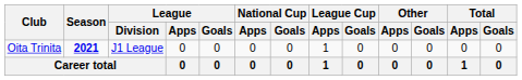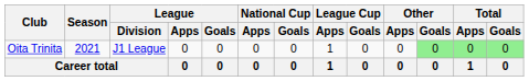 <table class="wikitable" style="text-align: center">
 <tr>
 <th rowspan="2">Club</th>
 <th rowspan="2">Season</th>
 <th colspan="3">League</th>
 <th colspan="2">National Cup</th>
 <th colspan="2">League Cup</th>
 <th colspan="2">Other</th>
 <th colspan="2">Total</th>
 </tr>
 <tr>
 <th>Division</th>
 <th>Apps</th>
 <th>Goals</th>
 <th>Apps</th>
 <th>Goals</th>
 <th>Apps</th>
 <th>Goals</th>
 <th>Apps</th>
 <th>Goals</th>
 <th>Apps</th>
 <th>Goals</th>
 </tr>
 <tr>
 <td><a href='#'>Oita Trinita</a></td>
-<td><strong><a href='#'>2021</a></strong></td>
+<td><a href='#'>2021</a></td>
 <td><a href='#'>J1 League</a></td>
 <td>0</td>
 <td>0</td>
 <td>0</td>
 <td>0</td>
 <td>1</td>
 <td>0</td>
 <td>0</td>
-<td>0</td>
-<td>0</td>
-<td>0</td>
+<td style="background: lightgreen;">0</td>
+<td style="background: lightgreen;">0</td>
+<td style="background: lightgreen;">0</td>
 </tr>
 <tr>
 <th colspan=3>Career total</th>
 <th>0</th>
 <th>0</th>
 <th>0</th>
 <th>0</th>
 <th>1</th>
 <th>0</th>
 <th>0</th>
 <th>0</th>
 <th>1</th>
 <th>0</th>
 </tr>
 </table>
